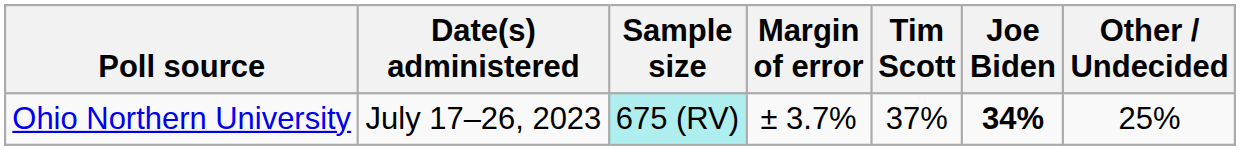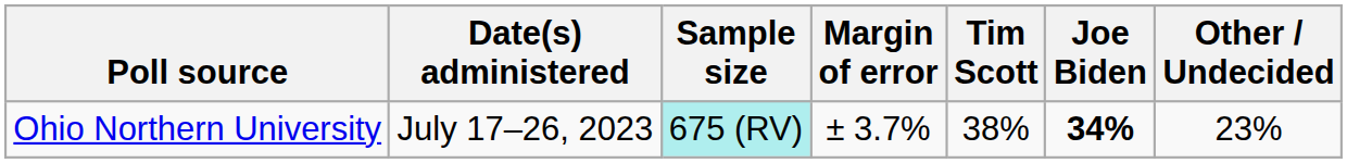 <table class="wikitable sortable mw-datatable" style="font-size:90%;text-align:center;line-height:17px">
 <tr valign=bottom>
 <th>Poll source</th>
 <th>Date(s)<br>administered</th>
 <th>Sample<br>size</th>
 <th>Margin<br>of error</th>
 <th class="unsortable">Tim<br>Scott<br></th>
 <th class="unsortable">Joe<br>Biden<br></th>
 <th class="unsortable">Other /<br>Undecided</th>
 </tr>
 <tr>
 <td style="text-align:left;"><a href='#'>Ohio Northern University</a></td>
 <td data-sort-value="2023-07-26">July 17–26, 2023</td>
 <td style="background: paleturquoise;">675 (RV)</td>
 <td>± 3.7%</td>
-<td>37%</td>
+<td>38%</td>
 <td style="color:black;background-color:"><strong>34%</strong></td>
-<td>25%</td>
+<td>23%</td>
 </tr>
 </table>
